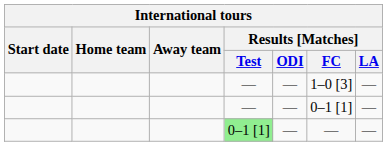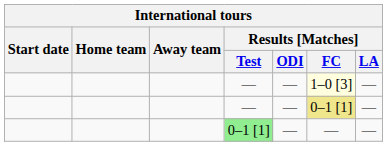 <table class="wikitable">
 <tr>
 <th colspan="7">International tours</th>
 </tr>
 <tr>
 <th rowspan="2">Start date</th>
 <th rowspan="2">Home team</th>
 <th rowspan="2">Away team</th>
 <th colspan="4">Results [Matches]</th>
 </tr>
 <tr>
 <th><a href='#'>Test</a></th>
 <th><a href='#'>ODI</a></th>
 <th><a href='#'>FC</a></th>
 <th><a href='#'>LA</a></th>
 </tr>
 <tr>
 <td><a href='#'></a></td>
 <td></td>
 <td></td>
 <td ; style="text-align:center">—</td>
 <td ; style="text-align:center">—</td>
-<td>1–0 [3]</td>
+<td style="background: lightyellow;">1–0 [3]</td>
 <td ; style="text-align:center">—</td>
 </tr>
 <tr>
 <td><a href='#'></a></td>
 <td></td>
 <td></td>
 <td ; style="text-align:center">—</td>
 <td ; style="text-align:center">—</td>
-<td>0–1 [1]</td>
+<td style="background: khaki;">0–1 [1]</td>
 <td ; style="text-align:center">—</td>
 </tr>
 <tr>
 <td><a href='#'></a></td>
 <td></td>
 <td></td>
 <td style="background: lightgreen;">0–1 [1]</td>
 <td ; style="text-align:center">—</td>
 <td ; style="text-align:center">—</td>
 <td ; style="text-align:center">—</td>
 </tr>
 </table>
